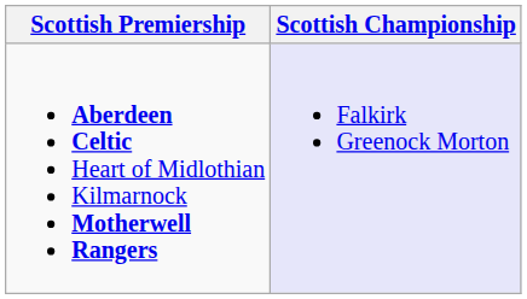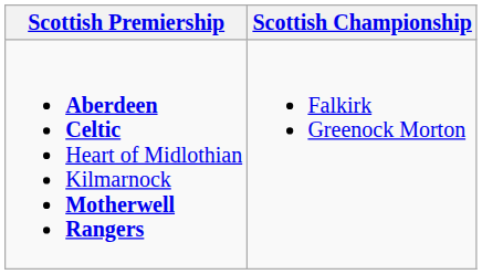 <table class="wikitable" style="text-align:left">
 <tr>
 <th><a href='#'>Scottish Premiership</a></th>
 <th><a href='#'>Scottish Championship</a></th>
 </tr>
 <tr>
 <td valign=top><br><ul><li><strong><a href='#'>Aberdeen</a></strong></li><li><strong><a href='#'>Celtic</a></strong></li><li><a href='#'>Heart of Midlothian</a></li><li><a href='#'>Kilmarnock</a></li><li><strong><a href='#'>Motherwell</a></strong></li><li><strong><a href='#'>Rangers</a></strong></li></ul></td>
-<td valign=top style="background: lavender;"><br><ul><li><a href='#'>Falkirk</a></li><li><a href='#'>Greenock Morton</a></li></ul></td>
+<td valign=top><br><ul><li><a href='#'>Falkirk</a></li><li><a href='#'>Greenock Morton</a></li></ul></td>
 </tr>
 </table>
